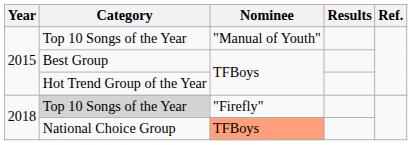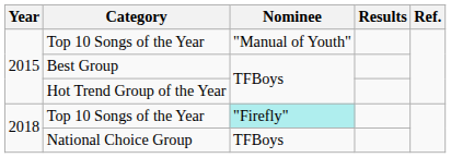 <table class="wikitable sortable">
 <tr>
 <th>Year</th>
 <th>Category</th>
 <th>Nominee</th>
 <th>Results</th>
 <th>Ref.</th>
 </tr>
 <tr>
 <td rowspan=3>2015</td>
 <td>Top 10 Songs of the Year</td>
 <td>"Manual of Youth"</td>
 <td></td>
 <td rowspan=3></td>
 </tr>
 <tr>
 <td>Best Group</td>
 <td rowspan=2>TFBoys</td>
 <td></td>
 </tr>
 <tr>
 <td>Hot Trend Group of the Year</td>
 <td></td>
 </tr>
 <tr>
 <td rowspan=2>2018</td>
-<td style="background: lightgrey;">Top 10 Songs of the Year</td>
-<td>"Firefly"</td>
+<td>Top 10 Songs of the Year</td>
+<td style="background: paleturquoise;">"Firefly"</td>
 <td></td>
 <td rowspan=2></td>
 </tr>
 <tr>
 <td>National Choice Group</td>
-<td style="background: lightsalmon;">TFBoys</td>
+<td>TFBoys</td>
 <td></td>
 </tr>
 </table>
